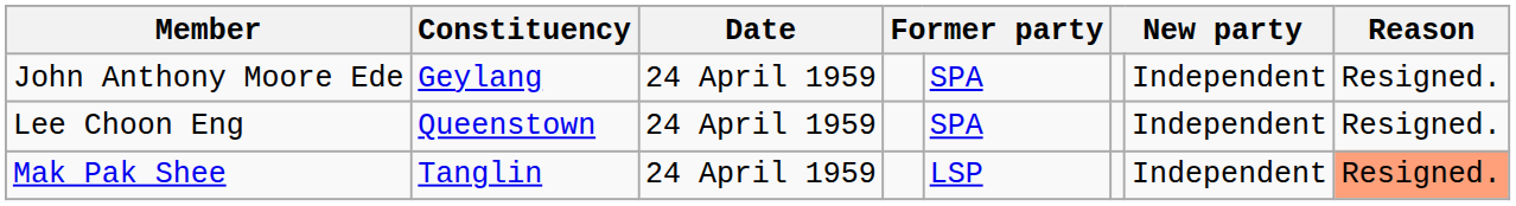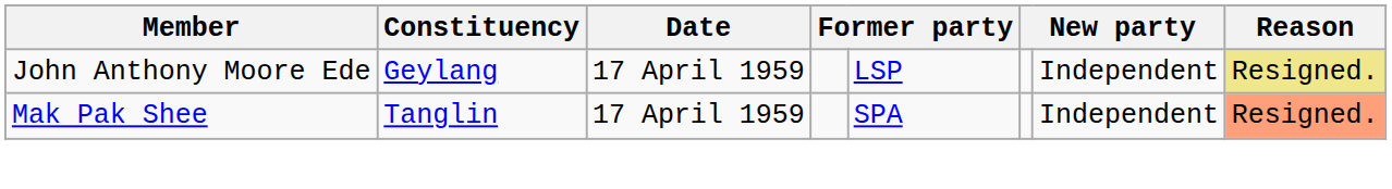 <table class="wikitable" border="1">
 <tr>
 <th>Member</th>
 <th>Constituency</th>
 <th>Date</th>
 <th colspan="2">Former party</th>
 <th colspan="2">New party</th>
 <th>Reason</th>
 </tr>
 <tr>
 <td>John Anthony Moore Ede</td>
 <td><a href='#'>Geylang</a></td>
-<td>24 April 1959</td>
+<td>17 April 1959</td>
 <td></td>
-<td><a href='#'>SPA</a></td>
+<td><a href='#'>LSP</a></td>
 <td></td>
 <td>Independent</td>
-<td>Resigned.</td>
-</tr>
-<tr>
-<td>Lee Choon Eng</td>
-<td><a href='#'>Queenstown</a></td>
-<td>24 April 1959</td>
-<td></td>
-<td><a href='#'>SPA</a></td>
-<td></td>
-<td>Independent</td>
-<td>Resigned.</td>
+<td style="background: khaki;">Resigned.</td>
 </tr>
 <tr>
 <td><a href='#'>Mak Pak Shee</a></td>
 <td><a href='#'>Tanglin</a></td>
-<td>24 April 1959</td>
+<td>17 April 1959</td>
 <td></td>
-<td><a href='#'>LSP</a></td>
+<td><a href='#'>SPA</a></td>
 <td></td>
 <td>Independent</td>
 <td style="background: lightsalmon;">Resigned.</td>
 </tr>
 </table>
